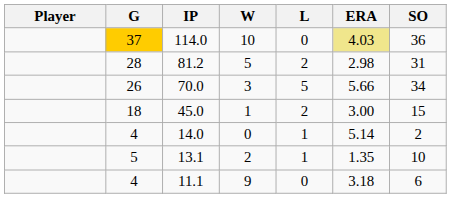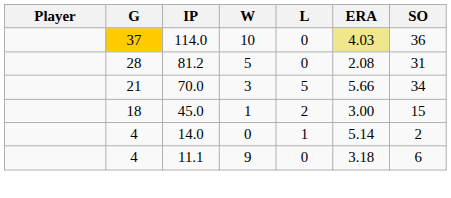 <table class="wikitable sortable">
 <tr>
 <th bgcolor="#DDDDFF" width="16%">Player</th>
 <th bgcolor="#DDDDFF" width="9%">G</th>
 <th bgcolor="#DDDDFF" width="9%">IP</th>
 <th bgcolor="#DDDDFF" width="9%">W</th>
 <th bgcolor="#DDDDFF" width="9%">L</th>
 <th bgcolor="#DDDDFF" width="9%">ERA</th>
 <th bgcolor="#DDDDFF" width="9%">SO</th>
 </tr>
 <tr align="center">
 <td></td>
 <td style="background:#fc0;">37</td>
 <td>114.0</td>
 <td>10</td>
 <td>0</td>
 <td style="background: khaki;">4.03</td>
 <td>36</td>
 </tr>
 <tr align="center">
 <td></td>
 <td>28</td>
 <td>81.2</td>
 <td>5</td>
-<td>2</td>
-<td>2.98</td>
+<td>0</td>
+<td>2.08</td>
 <td>31</td>
 </tr>
 <tr align="center">
 <td></td>
-<td>26</td>
+<td>21</td>
 <td>70.0</td>
 <td>3</td>
 <td>5</td>
 <td>5.66</td>
 <td>34</td>
 </tr>
 <tr align="center">
 <td></td>
 <td>18</td>
 <td>45.0</td>
 <td>1</td>
 <td>2</td>
 <td>3.00</td>
 <td>15</td>
 </tr>
 <tr align="center">
 <td></td>
 <td>4</td>
 <td>14.0</td>
 <td>0</td>
 <td>1</td>
 <td>5.14</td>
 <td>2</td>
 </tr>
 <tr align="center">
 <td></td>
-<td>5</td>
-<td>13.1</td>
-<td>2</td>
-<td>1</td>
-<td>1.35</td>
-<td>10</td>
-</tr>
-<tr align="center">
-<td></td>
 <td>4</td>
 <td>11.1</td>
 <td>9</td>
 <td>0</td>
 <td>3.18</td>
 <td>6</td>
 </tr>
 </table>
